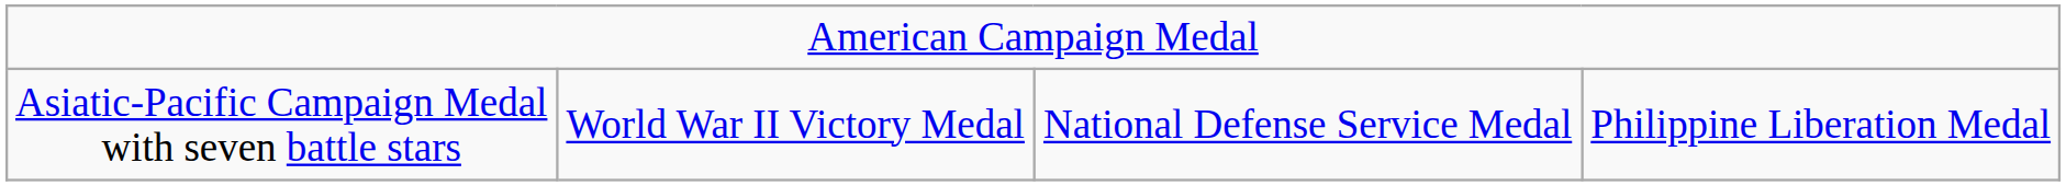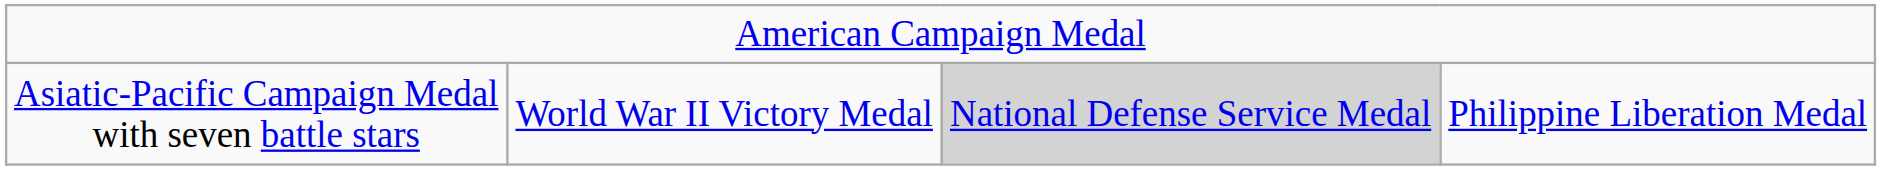 <table class="wikitable" style="margin:1em auto; text-align:center;">
 <tr>
 <td colspan=4><a href='#'>American Campaign Medal</a></td>
 </tr>
 <tr>
 <td><a href='#'>Asiatic-Pacific Campaign Medal</a><br>with seven <a href='#'>battle stars</a></td>
 <td><a href='#'>World War II Victory Medal</a></td>
-<td><a href='#'>National Defense Service Medal</a></td>
+<td style="background: lightgrey;"><a href='#'>National Defense Service Medal</a></td>
 <td><a href='#'>Philippine Liberation Medal</a></td>
 </tr>
 </table>
